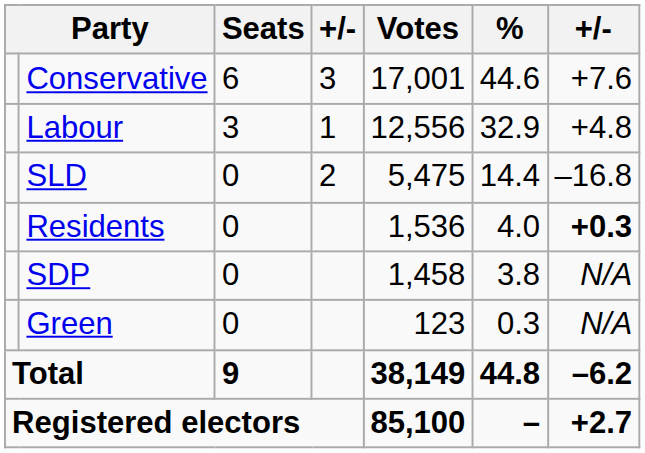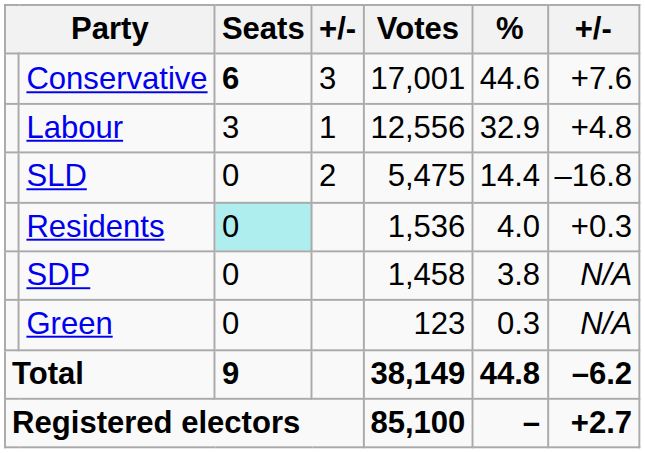 <table class="wikitable sortable">
 <tr>
 <th colspan="2">Party</th>
 <th>Seats</th>
 <th>+/-</th>
 <th>Votes</th>
 <th>%</th>
 <th>+/-</th>
 </tr>
 <tr>
 <td style="background-color: "></td>
 <td><a href='#'>Conservative</a></td>
-<td>6</td>
+<td><strong>6</strong></td>
 <td> 3</td>
 <td style="text-align:right;">17,001</td>
 <td style="text-align:right;">44.6</td>
 <td style="text-align:right;">+7.6</td>
 </tr>
 <tr>
 <td style="background-color: "></td>
 <td><a href='#'>Labour</a></td>
 <td>3</td>
 <td> 1</td>
 <td style="text-align:right;">12,556</td>
 <td style="text-align:right;">32.9</td>
 <td style="text-align:right;">+4.8</td>
 </tr>
 <tr>
 <td style="background-color: "></td>
 <td><a href='#'>SLD</a></td>
 <td>0</td>
 <td> 2</td>
 <td style="text-align:right;">5,475</td>
 <td style="text-align:right;">14.4</td>
 <td style="text-align:right;">–16.8</td>
 </tr>
 <tr>
 <td style="background-color: "></td>
 <td><a href='#'>Residents</a></td>
-<td>0</td>
+<td style="background: paleturquoise;">0</td>
 <td></td>
 <td style="text-align:right;">1,536</td>
 <td style="text-align:right;">4.0</td>
-<td style="text-align:right;"><strong>+0.3</strong></td>
+<td style="text-align:right;">+0.3</td>
 </tr>
 <tr>
 <td style="background-color: "></td>
 <td><a href='#'>SDP</a></td>
 <td>0</td>
 <td></td>
 <td style="text-align:right;">1,458</td>
 <td style="text-align:right;">3.8</td>
 <td style="text-align:right;"><em>N/A</em></td>
 </tr>
 <tr>
 <td style="background-color: "></td>
 <td><a href='#'>Green</a></td>
 <td>0</td>
 <td></td>
 <td style="text-align:right;">123</td>
 <td style="text-align:right;">0.3</td>
 <td style="text-align:right;"><em>N/A</em></td>
 </tr>
 <tr>
 <td colspan="2"><strong>Total</strong></td>
 <td><strong>9</strong></td>
 <td></td>
 <td style="text-align:right;"><strong>38,149</strong></td>
 <td style="text-align:right;"><strong>44.8</strong></td>
 <td style="text-align:right;"><strong>–6.2</strong></td>
 </tr>
 <tr>
 <td colspan="4"><strong>Registered electors</strong></td>
 <td style="text-align:right;"><strong>85,100</strong></td>
 <td style="text-align:right;"><strong>–</strong></td>
 <td style="text-align:right;"><strong>+2.7</strong></td>
 </tr>
 </table>
